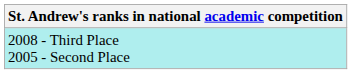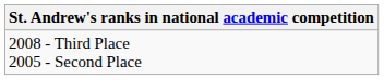 <table class="wikitable">
 <tr>
 <th>St. Andrew's ranks in national <a href='#'>academic</a> competition</th>
 </tr>
 <tr>
-<td style="background: paleturquoise;">2008 - Third Place <br>2005 - Second Place</td>
+<td>2008 - Third Place <br>2005 - Second Place</td>
 </tr>
 </table>
